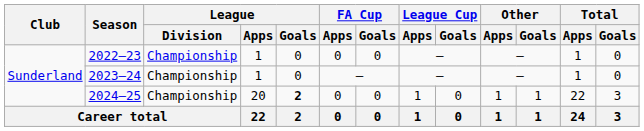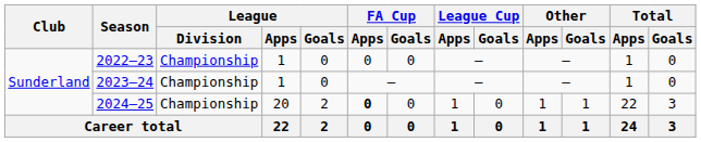 <table class=wikitable style=text-align:center>
 <tr>
 <th rowspan=2>Club</th>
 <th rowspan=2>Season</th>
 <th colspan=3>League</th>
 <th colspan=2><a href='#'>FA Cup</a></th>
 <th colspan=2><a href='#'>League Cup</a></th>
 <th colspan=2>Other</th>
 <th colspan=2>Total</th>
 </tr>
 <tr>
 <th>Division</th>
 <th>Apps</th>
 <th>Goals</th>
 <th>Apps</th>
 <th>Goals</th>
 <th>Apps</th>
 <th>Goals</th>
 <th>Apps</th>
 <th>Goals</th>
 <th>Apps</th>
 <th>Goals</th>
 </tr>
 <tr>
 <td rowspan="3"><a href='#'>Sunderland</a></td>
 <td><a href='#'>2022–23</a></td>
 <td><a href='#'>Championship</a></td>
 <td>1</td>
 <td>0</td>
 <td>0</td>
 <td>0</td>
 <td colspan="2">—</td>
 <td colspan="2">—</td>
 <td>1</td>
 <td>0</td>
 </tr>
 <tr>
 <td><a href='#'>2023–24</a></td>
 <td>Championship</td>
 <td>1</td>
 <td>0</td>
 <td colspan="2">—</td>
 <td colspan="2">—</td>
 <td colspan="2">—</td>
 <td>1</td>
 <td>0</td>
 </tr>
 <tr>
 <td><a href='#'>2024–25</a></td>
 <td>Championship</td>
 <td>20</td>
-<td><strong>2</strong></td>
-<td>0</td>
+<td>2</td>
+<td><strong>0</strong></td>
 <td>0</td>
 <td>1</td>
 <td>0</td>
 <td>1</td>
 <td>1</td>
 <td>22</td>
 <td>3</td>
 </tr>
 <tr>
 <th colspan="3">Career total</th>
 <th>22</th>
 <th>2</th>
 <th>0</th>
 <th>0</th>
 <th>1</th>
 <th>0</th>
 <th>1</th>
 <th>1</th>
 <th>24</th>
 <th>3</th>
 </tr>
 </table>
